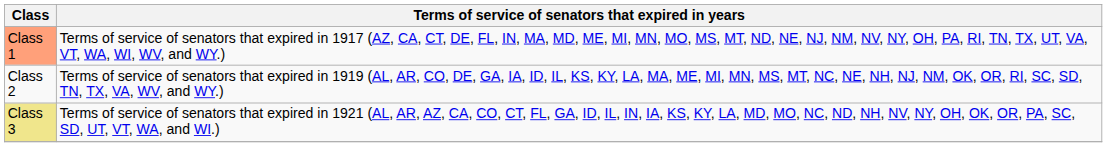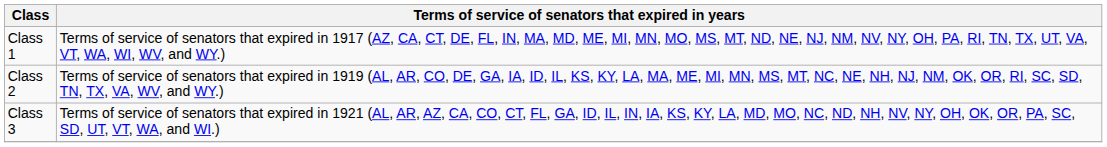 <table class="wikitable sortable">
 <tr valign=bottom>
 <th>Class</th>
 <th>Terms of service of senators that expired in years</th>
 </tr>
 <tr>
-<td style="background: lightsalmon;">Class 1</td>
+<td>Class 1</td>
 <td>Terms of service of senators that expired in 1917 (<a href='#'>AZ</a>, <a href='#'>CA</a>, <a href='#'>CT</a>, <a href='#'>DE</a>, <a href='#'>FL</a>, <a href='#'>IN</a>, <a href='#'>MA</a>, <a href='#'>MD</a>, <a href='#'>ME</a>,  <a href='#'>MI</a>, <a href='#'>MN</a>, <a href='#'>MO</a>, <a href='#'>MS</a>, <a href='#'>MT</a>, <a href='#'>ND</a>, <a href='#'>NE</a>, <a href='#'>NJ</a>, <a href='#'>NM</a>, <a href='#'>NV</a>, <a href='#'>NY</a>, <a href='#'>OH</a>, <a href='#'>PA</a>, <a href='#'>RI</a>, <a href='#'>TN</a>, <a href='#'>TX</a>, <a href='#'>UT</a>, <a href='#'>VA</a>, <a href='#'>VT</a>, <a href='#'>WA</a>, <a href='#'>WI</a>, <a href='#'>WV</a>, and <a href='#'>WY</a>.)</td>
 </tr>
 <tr>
 <td>Class 2</td>
 <td>Terms of service of senators that expired in 1919 (<a href='#'>AL</a>, <a href='#'>AR</a>, <a href='#'>CO</a>, <a href='#'>DE</a>, <a href='#'>GA</a>, <a href='#'>IA</a>, <a href='#'>ID</a>, <a href='#'>IL</a>, <a href='#'>KS</a>, <a href='#'>KY</a>, <a href='#'>LA</a>, <a href='#'>MA</a>, <a href='#'>ME</a>, <a href='#'>MI</a>, <a href='#'>MN</a>, <a href='#'>MS</a>, <a href='#'>MT</a>, <a href='#'>NC</a>, <a href='#'>NE</a>, <a href='#'>NH</a>, <a href='#'>NJ</a>, <a href='#'>NM</a>, <a href='#'>OK</a>, <a href='#'>OR</a>, <a href='#'>RI</a>, <a href='#'>SC</a>, <a href='#'>SD</a>, <a href='#'>TN</a>, <a href='#'>TX</a>, <a href='#'>VA</a>, <a href='#'>WV</a>, and <a href='#'>WY</a>.)</td>
 </tr>
 <tr>
-<td style="background: khaki;">Class 3</td>
+<td>Class 3</td>
 <td>Terms of service of senators that expired in 1921 (<a href='#'>AL</a>, <a href='#'>AR</a>, <a href='#'>AZ</a>, <a href='#'>CA</a>, <a href='#'>CO</a>, <a href='#'>CT</a>, <a href='#'>FL</a>, <a href='#'>GA</a>, <a href='#'>ID</a>, <a href='#'>IL</a>, <a href='#'>IN</a>, <a href='#'>IA</a>, <a href='#'>KS</a>, <a href='#'>KY</a>, <a href='#'>LA</a>, <a href='#'>MD</a>, <a href='#'>MO</a>, <a href='#'>NC</a>, <a href='#'>ND</a>, <a href='#'>NH</a>, <a href='#'>NV</a>, <a href='#'>NY</a>, <a href='#'>OH</a>, <a href='#'>OK</a>, <a href='#'>OR</a>, <a href='#'>PA</a>, <a href='#'>SC</a>, <a href='#'>SD</a>, <a href='#'>UT</a>, <a href='#'>VT</a>, <a href='#'>WA</a>, and <a href='#'>WI</a>.)</td>
 </tr>
 <tr>
 </tr>
 </table>
